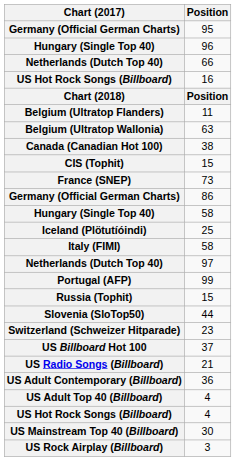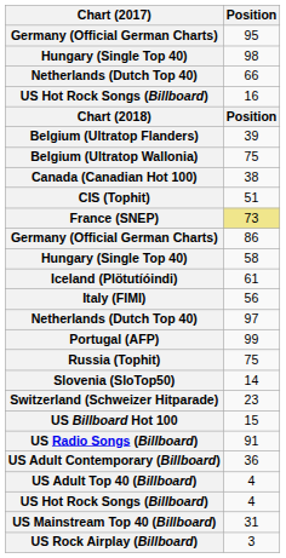 <table class="wikitable plainrowheaders sortable" style="text-align:center">
 <tr>
 <th scope="col">Chart (2017)</th>
 <th scope="col">Position</th>
 </tr>
 <tr>
 <th scope="row">Germany (Official German Charts)</th>
 <td>95</td>
 </tr>
 <tr>
 <th scope="row">Hungary (Single Top 40)</th>
-<td>96</td>
+<td>98</td>
 </tr>
 <tr>
 <th scope="row">Netherlands (Dutch Top 40)</th>
 <td>66</td>
 </tr>
 <tr>
 <th scope="row">US Hot Rock Songs (<em>Billboard</em>)</th>
 <td>16</td>
 </tr>
 <tr>
 <th scope="col">Chart (2018)</th>
 <th scope="col">Position</th>
 </tr>
 <tr>
 <th scope="row">Belgium (Ultratop Flanders)</th>
-<td>11</td>
+<td>39</td>
 </tr>
 <tr>
 <th scope="row">Belgium (Ultratop Wallonia)</th>
-<td>63</td>
+<td>75</td>
 </tr>
 <tr>
 <th scope="row">Canada (Canadian Hot 100)</th>
 <td>38</td>
 </tr>
 <tr>
 <th scope="row">CIS (Tophit)</th>
-<td>15</td>
+<td>51</td>
 </tr>
 <tr>
 <th scope="row">France (SNEP)</th>
-<td>73</td>
+<td style="background: khaki;">73</td>
 </tr>
 <tr>
 <th scope="row">Germany (Official German Charts)</th>
 <td>86</td>
 </tr>
 <tr>
 <th scope="row">Hungary (Single Top 40)</th>
 <td>58</td>
 </tr>
 <tr>
 <th scope="row">Iceland (Plötutíóindi)</th>
-<td>25</td>
+<td>61</td>
 </tr>
 <tr>
 <th scope="row">Italy (FIMI)</th>
-<td>58</td>
+<td>56</td>
 </tr>
 <tr>
 <th scope="row">Netherlands (Dutch Top 40)</th>
 <td>97</td>
 </tr>
 <tr>
 <th scope="row">Portugal (AFP)</th>
 <td>99</td>
 </tr>
 <tr>
 <th scope="row">Russia (Tophit)</th>
-<td>15</td>
+<td>75</td>
 </tr>
 <tr>
 <th scope="row">Slovenia (SloTop50)</th>
-<td>44</td>
+<td>14</td>
 </tr>
 <tr>
 <th scope="row">Switzerland (Schweizer Hitparade)</th>
 <td>23</td>
 </tr>
 <tr>
 <th scope="row">US <em>Billboard</em> Hot 100</th>
-<td>37</td>
+<td>15</td>
 </tr>
 <tr>
 <th scope="row">US <a href='#'>Radio Songs</a> (<em>Billboard</em>)</th>
-<td>21</td>
+<td>91</td>
 </tr>
 <tr>
 <th scope="row">US Adult Contemporary (<em>Billboard</em>)</th>
 <td>36</td>
 </tr>
 <tr>
 <th scope="row">US Adult Top 40 (<em>Billboard</em>)</th>
 <td>4</td>
 </tr>
 <tr>
 <th scope="row">US Hot Rock Songs (<em>Billboard</em>)</th>
 <td>4</td>
 </tr>
 <tr>
 <th scope="row">US Mainstream Top 40 (<em>Billboard</em>)</th>
-<td>30</td>
+<td>31</td>
 </tr>
 <tr>
 <th scope="row">US Rock Airplay (<em>Billboard</em>)</th>
 <td>3</td>
 </tr>
 </table>
